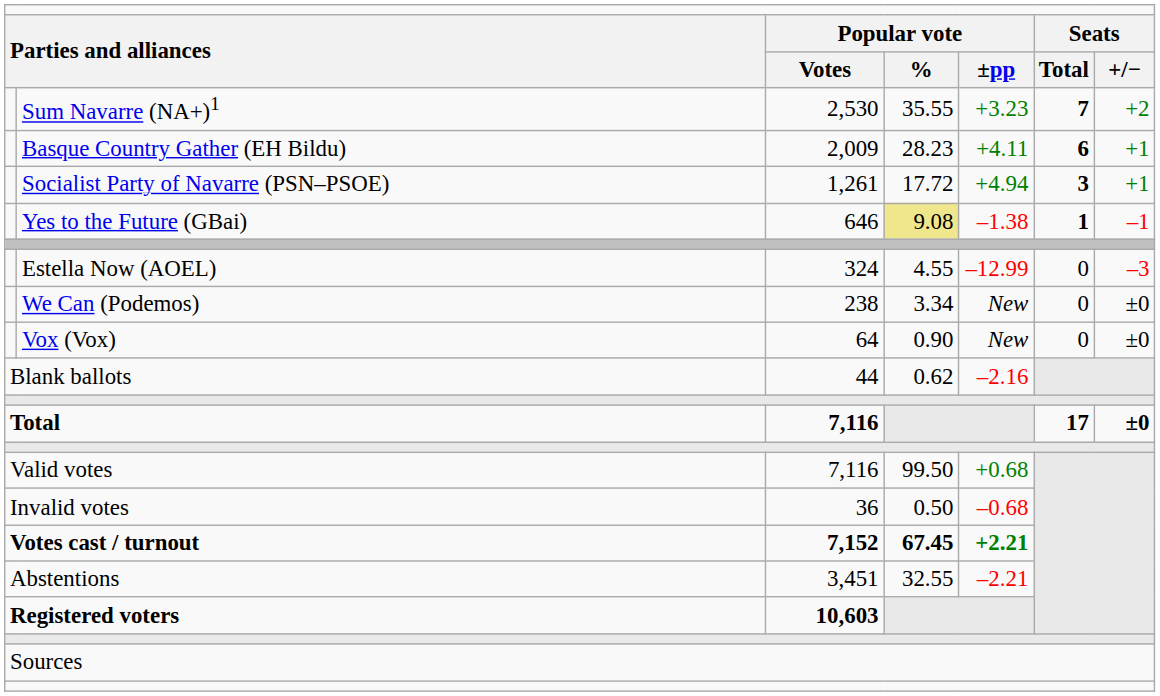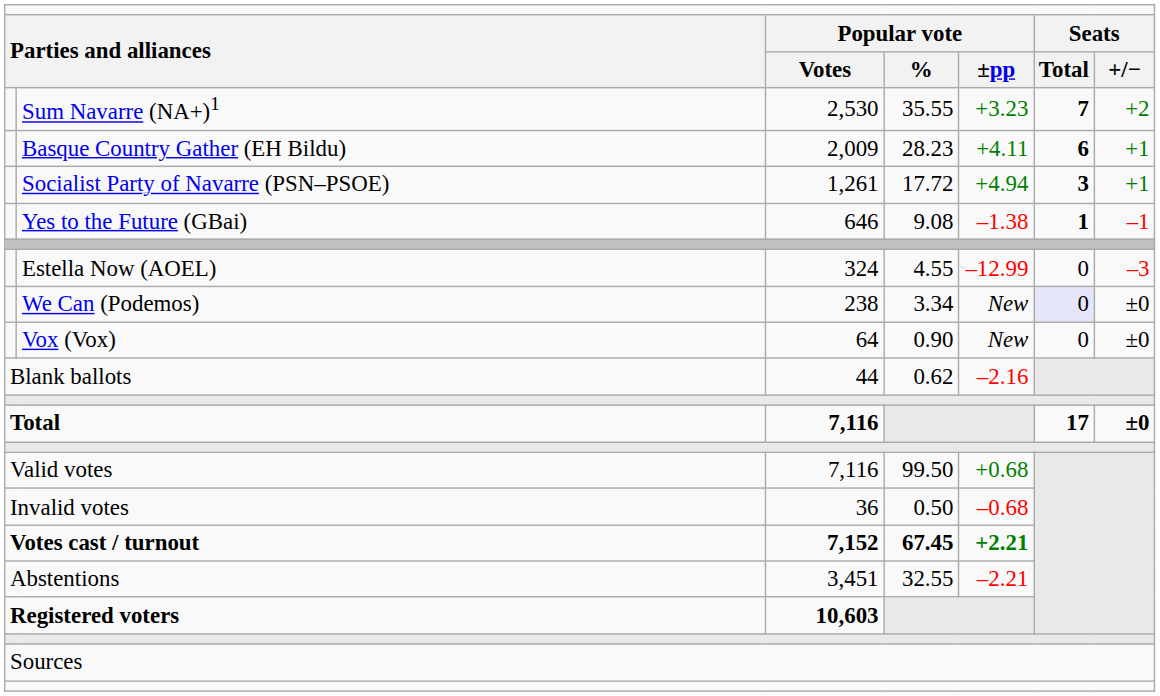 <table class="wikitable" style="text-align:right;">
 <tr>
 <td colspan="7"></td>
 </tr>
 <tr>
 <th style="text-align:left;" rowspan="2" colspan="2" width="525">Parties and alliances</th>
 <th colspan="3">Popular vote</th>
 <th colspan="2">Seats</th>
 </tr>
 <tr>
 <th width="75">Votes</th>
 <th width="45">%</th>
 <th width="45">±<a href='#'>pp</a></th>
 <th width="35">Total</th>
 <th width="35">+/−</th>
 </tr>
 <tr>
 <td width="1" style="color:inherit;background:"></td>
 <td align="left"><a href='#'>Sum Navarre</a> (NA+)<sup>1</sup></td>
 <td>2,530</td>
 <td>35.55</td>
 <td style="color:green;">+3.23</td>
 <td><strong>7</strong></td>
 <td style="color:green;">+2</td>
 </tr>
 <tr>
 <td style="color:inherit;background:"></td>
 <td align="left"><a href='#'>Basque Country Gather</a> (EH Bildu)</td>
 <td>2,009</td>
 <td>28.23</td>
 <td style="color:green;">+4.11</td>
 <td><strong>6</strong></td>
 <td style="color:green;">+1</td>
 </tr>
 <tr>
 <td style="color:inherit;background:"></td>
 <td align="left"><a href='#'>Socialist Party of Navarre</a> (PSN–PSOE)</td>
 <td>1,261</td>
 <td>17.72</td>
 <td style="color:green;">+4.94</td>
 <td><strong>3</strong></td>
 <td style="color:green;">+1</td>
 </tr>
 <tr>
 <td style="color:inherit;background:"></td>
 <td align="left"><a href='#'>Yes to the Future</a> (GBai)</td>
 <td>646</td>
-<td style="background: khaki;">9.08</td>
+<td>9.08</td>
 <td style="color:red;">–1.38</td>
 <td><strong>1</strong></td>
 <td style="color:red;">–1</td>
 </tr>
 <tr>
 <td colspan="7" bgcolor="#C0C0C0"></td>
 </tr>
 <tr>
 <td style="color:inherit;background:"></td>
 <td align="left">Estella Now (AOEL)</td>
 <td>324</td>
 <td>4.55</td>
 <td style="color:red;">–12.99</td>
 <td>0</td>
 <td style="color:red;">–3</td>
 </tr>
 <tr>
 <td style="color:inherit;background:"></td>
 <td align="left"><a href='#'>We Can</a> (Podemos)</td>
 <td>238</td>
 <td>3.34</td>
 <td><em>New</em></td>
-<td>0</td>
+<td style="background: lavender;">0</td>
 <td>±0</td>
 </tr>
 <tr>
 <td style="color:inherit;background:"></td>
 <td align="left"><a href='#'>Vox</a> (Vox)</td>
 <td>64</td>
 <td>0.90</td>
 <td><em>New</em></td>
 <td>0</td>
 <td>±0</td>
 </tr>
 <tr>
 <td align="left" colspan="2">Blank ballots</td>
 <td>44</td>
 <td>0.62</td>
 <td style="color:red;">–2.16</td>
 <td bgcolor="#E9E9E9" colspan="2"></td>
 </tr>
 <tr>
 <td colspan="7" bgcolor="#E9E9E9"></td>
 </tr>
 <tr style="font-weight:bold;">
 <td align="left" colspan="2">Total</td>
 <td>7,116</td>
 <td bgcolor="#E9E9E9" colspan="2"></td>
 <td>17</td>
 <td>±0</td>
 </tr>
 <tr>
 <td colspan="7" bgcolor="#E9E9E9"></td>
 </tr>
 <tr>
 <td align="left" colspan="2">Valid votes</td>
 <td>7,116</td>
 <td>99.50</td>
 <td style="color:green;">+0.68</td>
 <td bgcolor="#E9E9E9" colspan="2" rowspan="5"></td>
 </tr>
 <tr>
 <td align="left" colspan="2">Invalid votes</td>
 <td>36</td>
 <td>0.50</td>
 <td style="color:red;">–0.68</td>
 </tr>
 <tr style="font-weight:bold;">
 <td align="left" colspan="2">Votes cast / turnout</td>
 <td>7,152</td>
 <td>67.45</td>
 <td style="color:green;">+2.21</td>
 </tr>
 <tr>
 <td align="left" colspan="2">Abstentions</td>
 <td>3,451</td>
 <td>32.55</td>
 <td style="color:red;">–2.21</td>
 </tr>
 <tr style="font-weight:bold;">
 <td align="left" colspan="2">Registered voters</td>
 <td>10,603</td>
 <td bgcolor="#E9E9E9" colspan="2"></td>
 </tr>
 <tr>
 <td colspan="7" bgcolor="#E9E9E9"></td>
 </tr>
 <tr>
 <td align="left" colspan="7">Sources</td>
 </tr>
 <tr>
 <td colspan="7" style="text-align:left; max-width:790px;"></td>
 </tr>
 </table>
